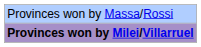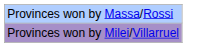 <table class="wikitable">
 <tr bgcolor="#B0CEFF">
 <td>Provinces won by <a href='#'>Massa</a>/<a href='#'>Rossi</a></td>
 </tr>
 <tr bgcolor="#A68FC8">
-<td><strong>Provinces won by <a href='#'>Milei</a>/<a href='#'>Villarruel</a></strong></td>
+<td>Provinces won by <a href='#'>Milei</a>/<a href='#'>Villarruel</a></td>
 </tr>
 </table>
